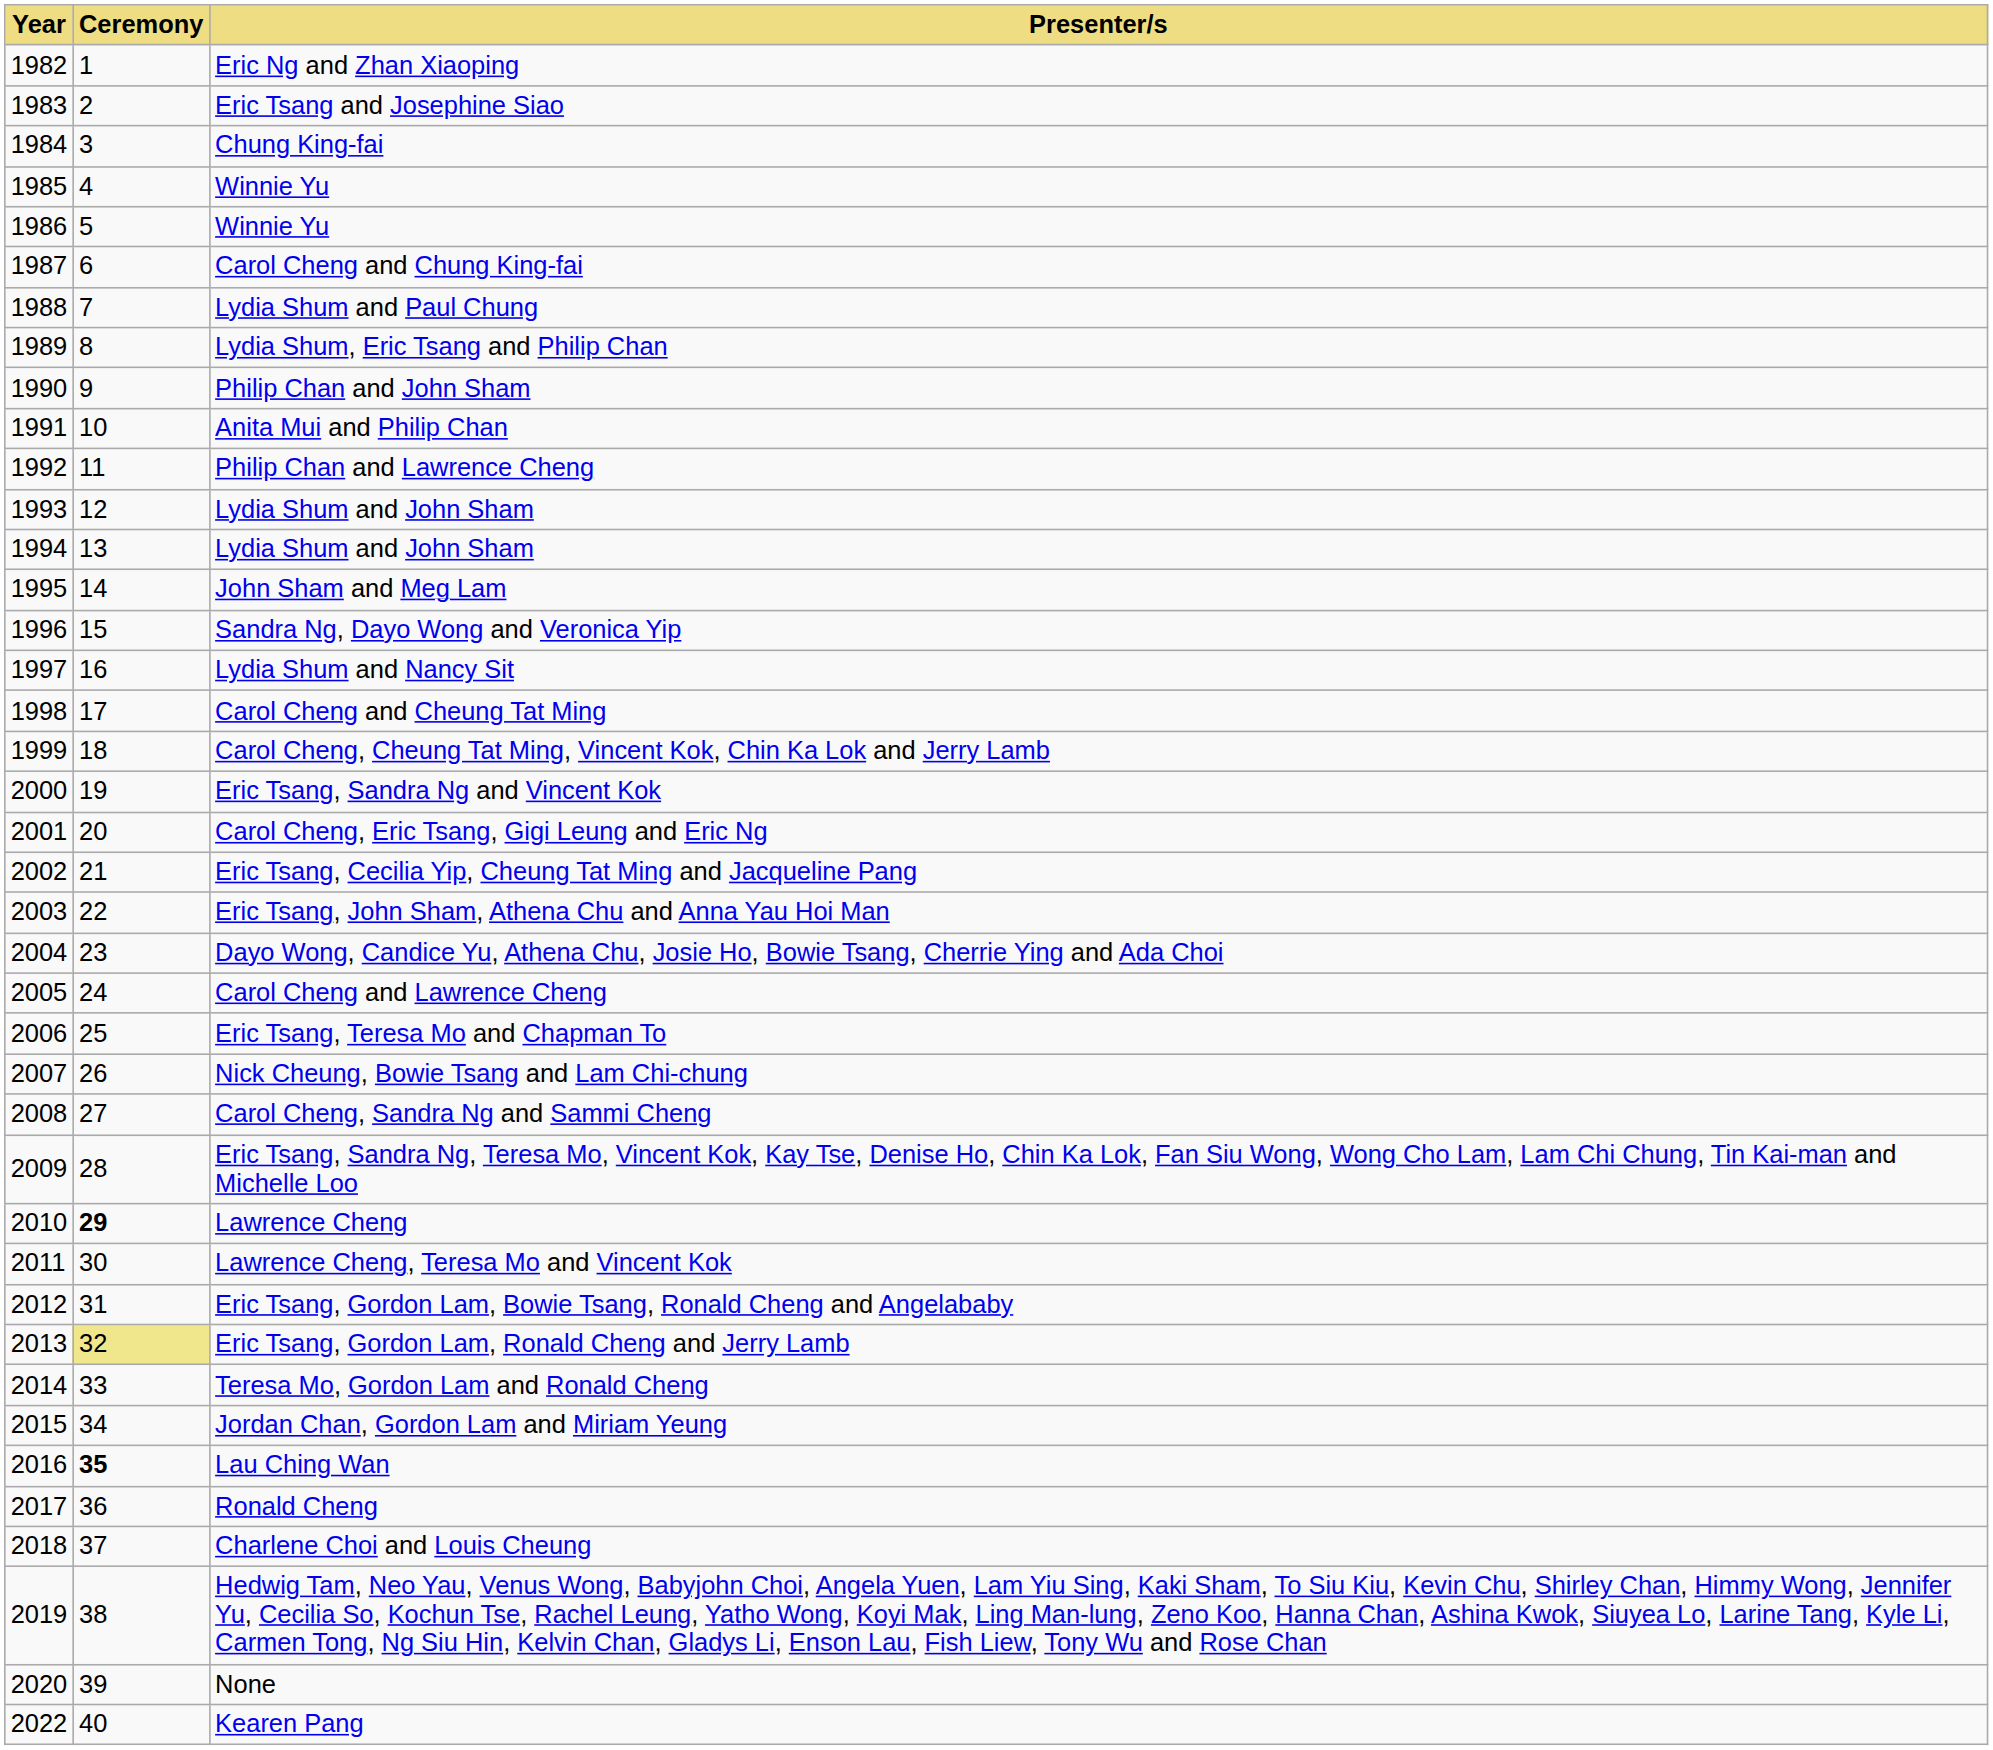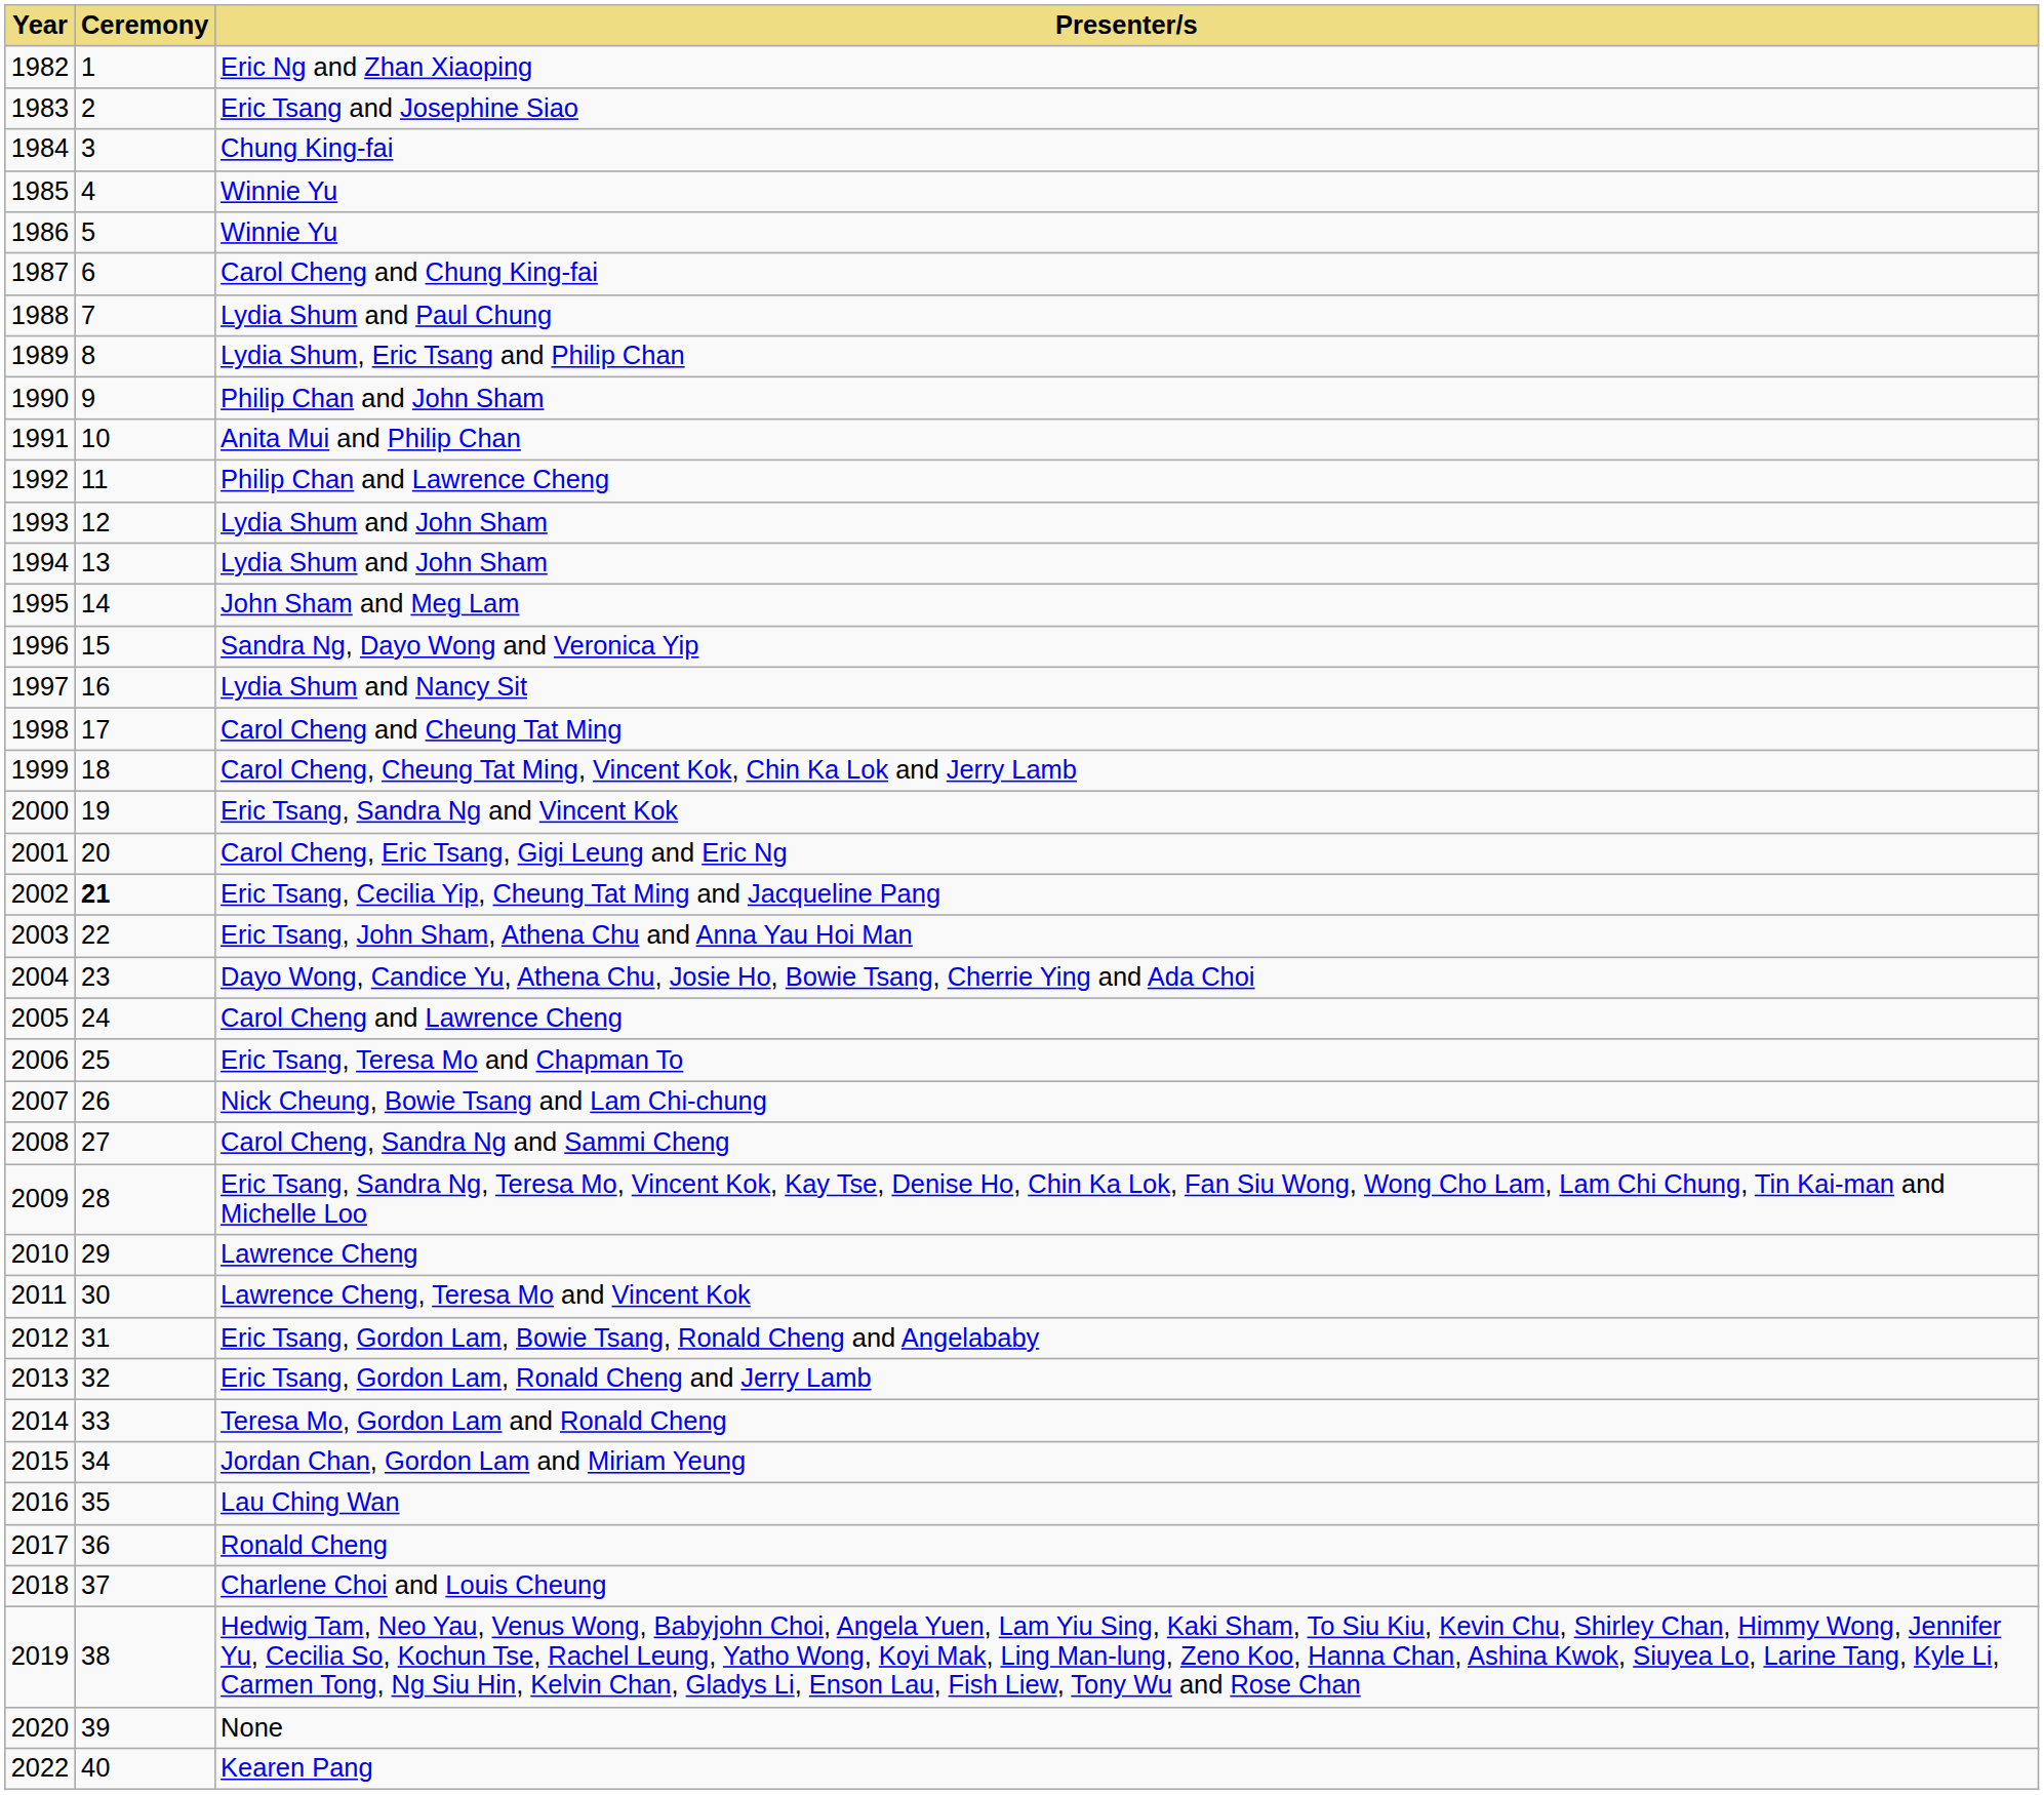 <table class="wikitable">
 <tr>
 <th style="background-color: #eedd82; color:black;">Year</th>
 <th ! style="background-color: #eedd82; color:black;">Ceremony</th>
 <th ! style="background-color: #eedd82; color:black;">Presenter/s</th>
 </tr>
 <tr>
 <td>1982</td>
 <td>1</td>
 <td><a href='#'>Eric Ng</a> and <a href='#'>Zhan Xiaoping</a></td>
 </tr>
 <tr>
 <td>1983</td>
 <td>2</td>
 <td><a href='#'>Eric Tsang</a> and <a href='#'>Josephine Siao</a></td>
 </tr>
 <tr>
 <td>1984</td>
 <td>3</td>
 <td><a href='#'>Chung King-fai</a></td>
 </tr>
 <tr>
 <td>1985</td>
 <td>4</td>
 <td><a href='#'>Winnie Yu</a></td>
 </tr>
 <tr>
 <td>1986</td>
 <td>5</td>
 <td><a href='#'>Winnie Yu</a></td>
 </tr>
 <tr>
 <td>1987</td>
 <td>6</td>
 <td><a href='#'>Carol Cheng</a> and <a href='#'>Chung King-fai</a></td>
 </tr>
 <tr>
 <td>1988</td>
 <td>7</td>
 <td><a href='#'>Lydia Shum</a> and <a href='#'>Paul Chung</a></td>
 </tr>
 <tr>
 <td>1989</td>
 <td>8</td>
 <td><a href='#'>Lydia Shum</a>, <a href='#'>Eric Tsang</a> and <a href='#'>Philip Chan</a></td>
 </tr>
 <tr>
 <td>1990</td>
 <td>9</td>
 <td><a href='#'>Philip Chan</a> and <a href='#'>John Sham</a></td>
 </tr>
 <tr>
 <td>1991</td>
 <td>10</td>
 <td><a href='#'>Anita Mui</a> and <a href='#'>Philip Chan</a></td>
 </tr>
 <tr>
 <td>1992</td>
 <td>11</td>
 <td><a href='#'>Philip Chan</a> and <a href='#'>Lawrence Cheng</a></td>
 </tr>
 <tr>
 <td>1993</td>
 <td>12</td>
 <td><a href='#'>Lydia Shum</a> and <a href='#'>John Sham</a></td>
 </tr>
 <tr>
 <td>1994</td>
 <td>13</td>
 <td><a href='#'>Lydia Shum</a> and <a href='#'>John Sham</a></td>
 </tr>
 <tr>
 <td>1995</td>
 <td>14</td>
 <td><a href='#'>John Sham</a> and <a href='#'>Meg Lam</a></td>
 </tr>
 <tr>
 <td>1996</td>
 <td>15</td>
 <td><a href='#'>Sandra Ng</a>, <a href='#'>Dayo Wong</a> and <a href='#'>Veronica Yip</a></td>
 </tr>
 <tr>
 <td>1997</td>
 <td>16</td>
 <td><a href='#'>Lydia Shum</a> and <a href='#'>Nancy Sit</a></td>
 </tr>
 <tr>
 <td>1998</td>
 <td>17</td>
 <td><a href='#'>Carol Cheng</a> and <a href='#'>Cheung Tat Ming</a></td>
 </tr>
 <tr>
 <td>1999</td>
 <td>18</td>
 <td><a href='#'>Carol Cheng</a>, <a href='#'>Cheung Tat Ming</a>, <a href='#'>Vincent Kok</a>, <a href='#'>Chin Ka Lok</a> and <a href='#'>Jerry Lamb</a></td>
 </tr>
 <tr>
 <td>2000</td>
 <td>19</td>
 <td><a href='#'>Eric Tsang</a>, <a href='#'>Sandra Ng</a> and <a href='#'>Vincent Kok</a></td>
 </tr>
 <tr>
 <td>2001</td>
 <td>20</td>
 <td><a href='#'>Carol Cheng</a>, <a href='#'>Eric Tsang</a>, <a href='#'>Gigi Leung</a> and <a href='#'>Eric Ng</a></td>
 </tr>
 <tr>
 <td>2002</td>
-<td>21</td>
+<td><strong>21</strong></td>
 <td><a href='#'>Eric Tsang</a>, <a href='#'>Cecilia Yip</a>, <a href='#'>Cheung Tat Ming</a> and <a href='#'>Jacqueline Pang</a></td>
 </tr>
 <tr>
 <td>2003</td>
 <td>22</td>
 <td><a href='#'>Eric Tsang</a>, <a href='#'>John Sham</a>, <a href='#'>Athena Chu</a> and <a href='#'>Anna Yau Hoi Man</a></td>
 </tr>
 <tr>
 <td>2004</td>
 <td>23</td>
 <td><a href='#'>Dayo Wong</a>, <a href='#'>Candice Yu</a>, <a href='#'>Athena Chu</a>, <a href='#'>Josie Ho</a>, <a href='#'>Bowie Tsang</a>, <a href='#'>Cherrie Ying</a> and <a href='#'>Ada Choi</a></td>
 </tr>
 <tr>
 <td>2005</td>
 <td>24</td>
 <td><a href='#'>Carol Cheng</a> and <a href='#'>Lawrence Cheng</a></td>
 </tr>
 <tr>
 <td>2006</td>
 <td>25</td>
 <td><a href='#'>Eric Tsang</a>, <a href='#'>Teresa Mo</a> and <a href='#'>Chapman To</a></td>
 </tr>
 <tr>
 <td>2007</td>
 <td>26</td>
 <td><a href='#'>Nick Cheung</a>, <a href='#'>Bowie Tsang</a> and <a href='#'>Lam Chi-chung</a></td>
 </tr>
 <tr>
 <td>2008</td>
 <td>27</td>
 <td><a href='#'>Carol Cheng</a>, <a href='#'>Sandra Ng</a> and <a href='#'>Sammi Cheng</a></td>
 </tr>
 <tr>
 <td>2009</td>
 <td>28</td>
 <td><a href='#'>Eric Tsang</a>, <a href='#'>Sandra Ng</a>, <a href='#'>Teresa Mo</a>, <a href='#'>Vincent Kok</a>, <a href='#'>Kay Tse</a>, <a href='#'>Denise Ho</a>, <a href='#'>Chin Ka Lok</a>, <a href='#'>Fan Siu Wong</a>, <a href='#'>Wong Cho Lam</a>, <a href='#'>Lam Chi Chung</a>, <a href='#'>Tin Kai-man</a> and <a href='#'>Michelle Loo</a></td>
 </tr>
 <tr>
 <td>2010</td>
-<td><strong>29</strong></td>
+<td>29</td>
 <td><a href='#'>Lawrence Cheng</a></td>
 </tr>
 <tr>
 <td>2011</td>
 <td>30</td>
 <td><a href='#'>Lawrence Cheng</a>, <a href='#'>Teresa Mo</a> and <a href='#'>Vincent Kok</a></td>
 </tr>
 <tr>
 <td>2012</td>
 <td>31</td>
 <td><a href='#'>Eric Tsang</a>, <a href='#'>Gordon Lam</a>, <a href='#'>Bowie Tsang</a>, <a href='#'>Ronald Cheng</a> and <a href='#'>Angelababy</a></td>
 </tr>
 <tr>
 <td>2013</td>
-<td style="background: khaki;">32</td>
+<td>32</td>
 <td><a href='#'>Eric Tsang</a>, <a href='#'>Gordon Lam</a>, <a href='#'>Ronald Cheng</a> and <a href='#'>Jerry Lamb</a></td>
 </tr>
 <tr>
 <td>2014</td>
 <td>33</td>
 <td><a href='#'>Teresa Mo</a>, <a href='#'>Gordon Lam</a> and <a href='#'>Ronald Cheng</a></td>
 </tr>
 <tr>
 <td>2015</td>
 <td>34</td>
 <td><a href='#'>Jordan Chan</a>, <a href='#'>Gordon Lam</a> and <a href='#'>Miriam Yeung</a></td>
 </tr>
 <tr>
 <td>2016</td>
-<td><strong>35</strong></td>
+<td>35</td>
 <td><a href='#'>Lau Ching Wan</a></td>
 </tr>
 <tr>
 <td>2017</td>
 <td>36</td>
 <td><a href='#'>Ronald Cheng</a></td>
 </tr>
 <tr>
 <td>2018</td>
 <td>37</td>
 <td><a href='#'>Charlene Choi</a> and <a href='#'>Louis Cheung</a></td>
 </tr>
 <tr>
 <td>2019</td>
 <td>38</td>
 <td><a href='#'>Hedwig Tam</a>, <a href='#'>Neo Yau</a>, <a href='#'>Venus Wong</a>, <a href='#'>Babyjohn Choi</a>, <a href='#'>Angela Yuen</a>, <a href='#'>Lam Yiu Sing</a>, <a href='#'>Kaki Sham</a>, <a href='#'>To Siu Kiu</a>, <a href='#'>Kevin Chu</a>, <a href='#'>Shirley Chan</a>, <a href='#'>Himmy Wong</a>, <a href='#'>Jennifer Yu</a>, <a href='#'>Cecilia So</a>, <a href='#'>Kochun Tse</a>, <a href='#'>Rachel Leung</a>, <a href='#'>Yatho Wong</a>, <a href='#'>Koyi Mak</a>, <a href='#'>Ling Man-lung</a>, <a href='#'>Zeno Koo</a>, <a href='#'>Hanna Chan</a>, <a href='#'>Ashina Kwok</a>, <a href='#'>Siuyea Lo</a>, <a href='#'>Larine Tang</a>, <a href='#'>Kyle Li</a>, <a href='#'>Carmen Tong</a>, <a href='#'>Ng Siu Hin</a>, <a href='#'>Kelvin Chan</a>, <a href='#'>Gladys Li</a>, <a href='#'>Enson Lau</a>, <a href='#'>Fish Liew</a>, <a href='#'>Tony Wu</a> and <a href='#'>Rose Chan</a></td>
 </tr>
 <tr>
 <td>2020</td>
 <td>39</td>
 <td>None</td>
 </tr>
 <tr>
 <td>2022</td>
 <td>40</td>
 <td><a href='#'>Kearen Pang</a></td>
 </tr>
 </table>
